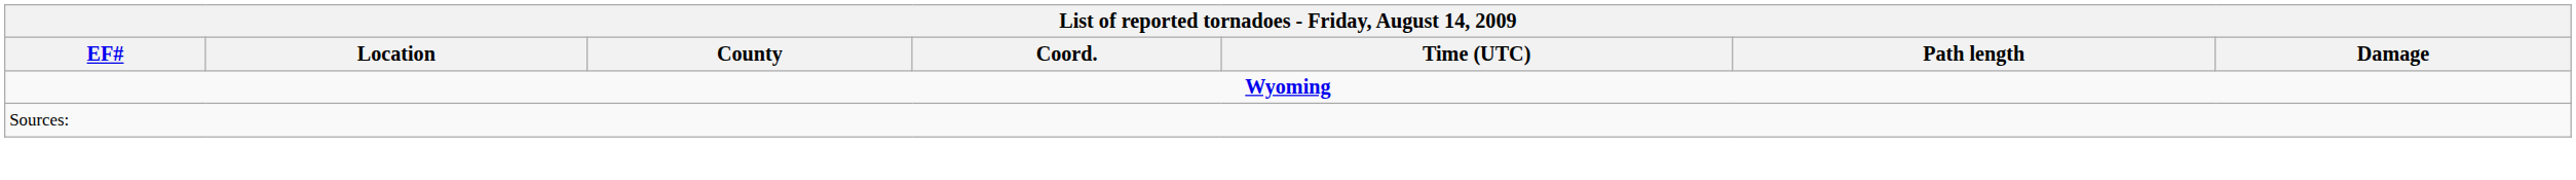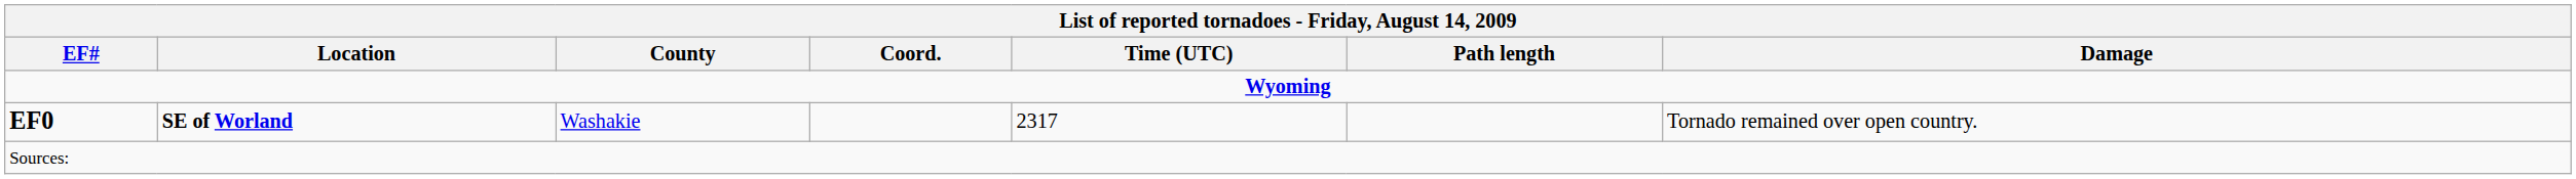 <table class="wikitable collapsible" style="width:100%;">
 <tr>
 <th colspan="7">List of reported tornadoes - Friday, August 14, 2009</th>
 </tr>
 <tr>
 <th><a href='#'>EF#</a></th>
 <th>Location</th>
 <th>County</th>
 <th>Coord.</th>
 <th>Time (UTC)</th>
 <th>Path length</th>
 <th>Damage</th>
 </tr>
 <tr>
 <td colspan="7" style="text-align:center;"><strong><a href='#'>Wyoming</a></strong></td>
 </tr>
 <tr>
+<td><big><strong>EF0</strong></big></td>
+<td><strong>SE of <a href='#'>Worland</a></strong></td>
+<td><a href='#'>Washakie</a></td>
+<td></td>
+<td>2317</td>
+<td></td>
+<td>Tornado remained over open country.</td>
+</tr>
+<tr>
 <td colspan="7"><small>Sources: </small></td>
 </tr>
 </table>
